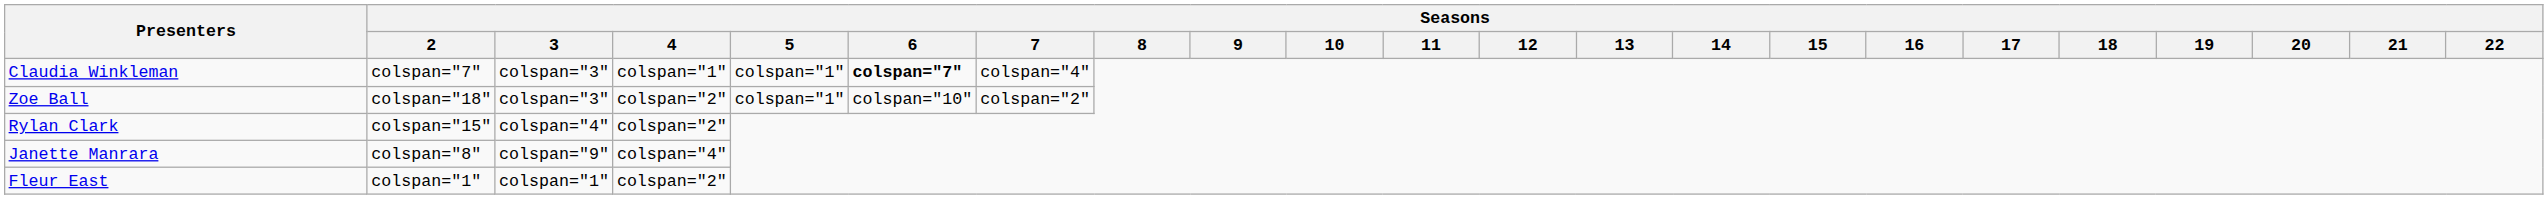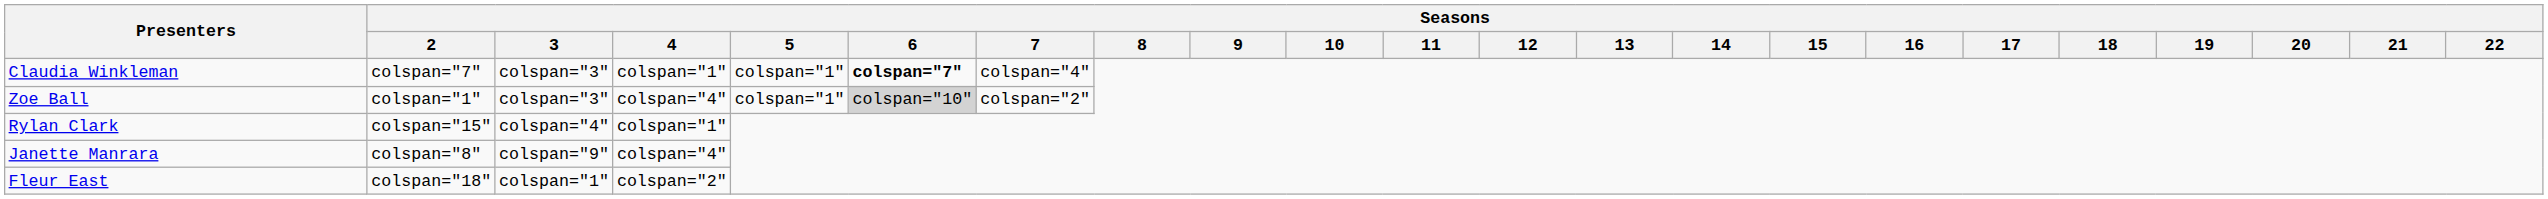 <table class="wikitable plainrowheaders" style="width:100%;">
 <tr>
 <th rowspan="2" style="width:15%;">Presenters</th>
 <th colspan="22">Seasons</th>
 </tr>
 <tr>
 <th style="width:4%;">2</th>
 <th style="width:4%;">3</th>
 <th style="width:4%;">4</th>
 <th style="width:4%;">5</th>
 <th style="width:4%;">6</th>
 <th style="width:4%;">7</th>
 <th style="width:4%;">8</th>
 <th style="width:4%;">9</th>
 <th style="width:4%;">10</th>
 <th style="width:4%;">11</th>
 <th style="width:4%;">12</th>
 <th style="width:4%;">13</th>
 <th style="width:4%;">14</th>
 <th style="width:4%;">15</th>
 <th style="width:4%;">16</th>
 <th style="width:4%;">17</th>
 <th style="width:4%;">18</th>
 <th style="width:4%;">19</th>
 <th style="width:4%;">20</th>
 <th style="width:4%;">21</th>
 <th style="width:4%;">22</th>
 </tr>
 <tr>
 <td><a href='#'>Claudia Winkleman</a></td>
 <td>colspan="7" </td>
 <td>colspan="3" </td>
 <td>colspan="1" </td>
 <td>colspan="1" </td>
 <td><strong>colspan="7" </strong></td>
 <td>colspan="4" </td>
 </tr>
 <tr>
 <td><a href='#'>Zoe Ball</a></td>
-<td>colspan="18" </td>
+<td>colspan="1" </td>
 <td>colspan="3" </td>
-<td>colspan="2" </td>
+<td>colspan="4" </td>
 <td>colspan="1" </td>
-<td>colspan="10" </td>
+<td style="background: lightgrey;">colspan="10" </td>
 <td>colspan="2" </td>
 </tr>
 <tr>
 <td><a href='#'>Rylan Clark</a></td>
 <td>colspan="15" </td>
 <td>colspan="4" </td>
-<td>colspan="2" </td>
+<td>colspan="1" </td>
 </tr>
 <tr>
 <td><a href='#'>Janette Manrara</a></td>
 <td>colspan="8" </td>
 <td>colspan="9" </td>
 <td>colspan="4" </td>
 </tr>
 <tr>
 <td><a href='#'>Fleur East</a></td>
-<td>colspan="1" </td>
+<td>colspan="18" </td>
 <td>colspan="1" </td>
 <td>colspan="2" </td>
 </tr>
 </table>
